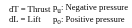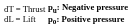 <table class="toccolours" style="float:right; margin-left: 1em; margin-bottom: 1em; font-size: 85%;">
 <tr>
 <td colspan="2"></td>
 </tr>
 <tr>
 <td><br>dT = Thrust<br> dL = Lift<br></td>
-<td><br>p<sub>u</sub>: Negative pressure<br> p<sub>o</sub>: Positive pressure<br></td>
+<td><strong><br>p<sub>u</sub>: Negative pressure<br> p<sub>o</sub>: Positive pressure<br></strong></td>
 </tr>
 </table>
